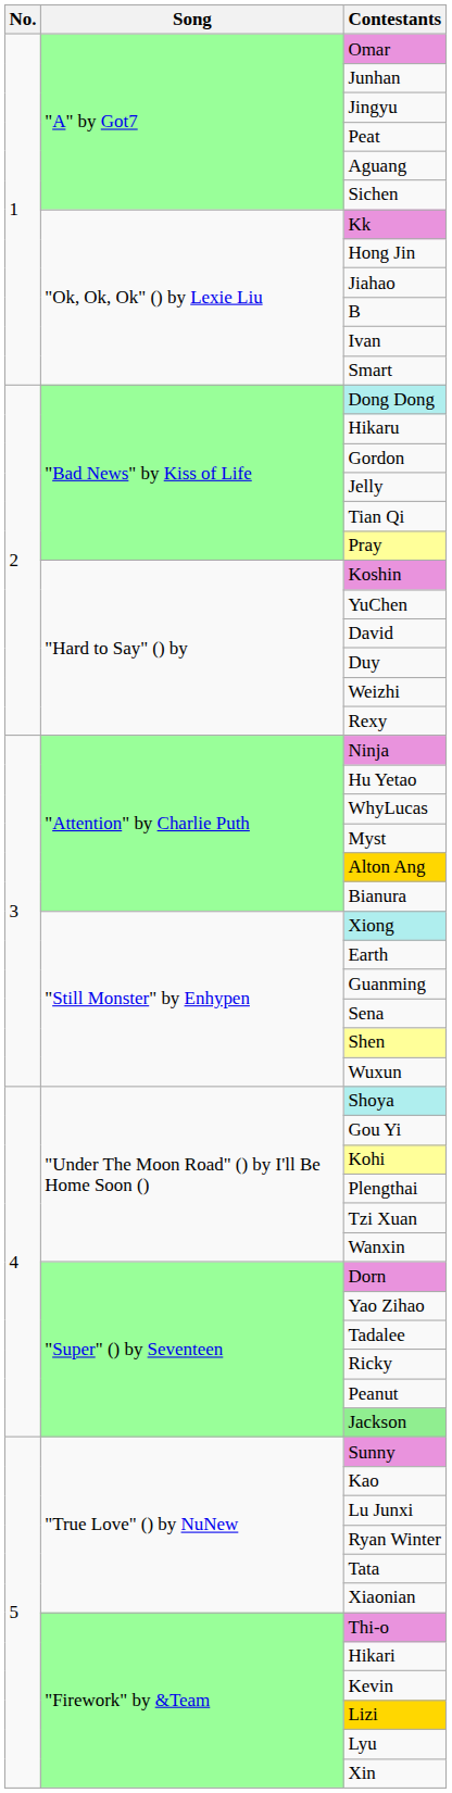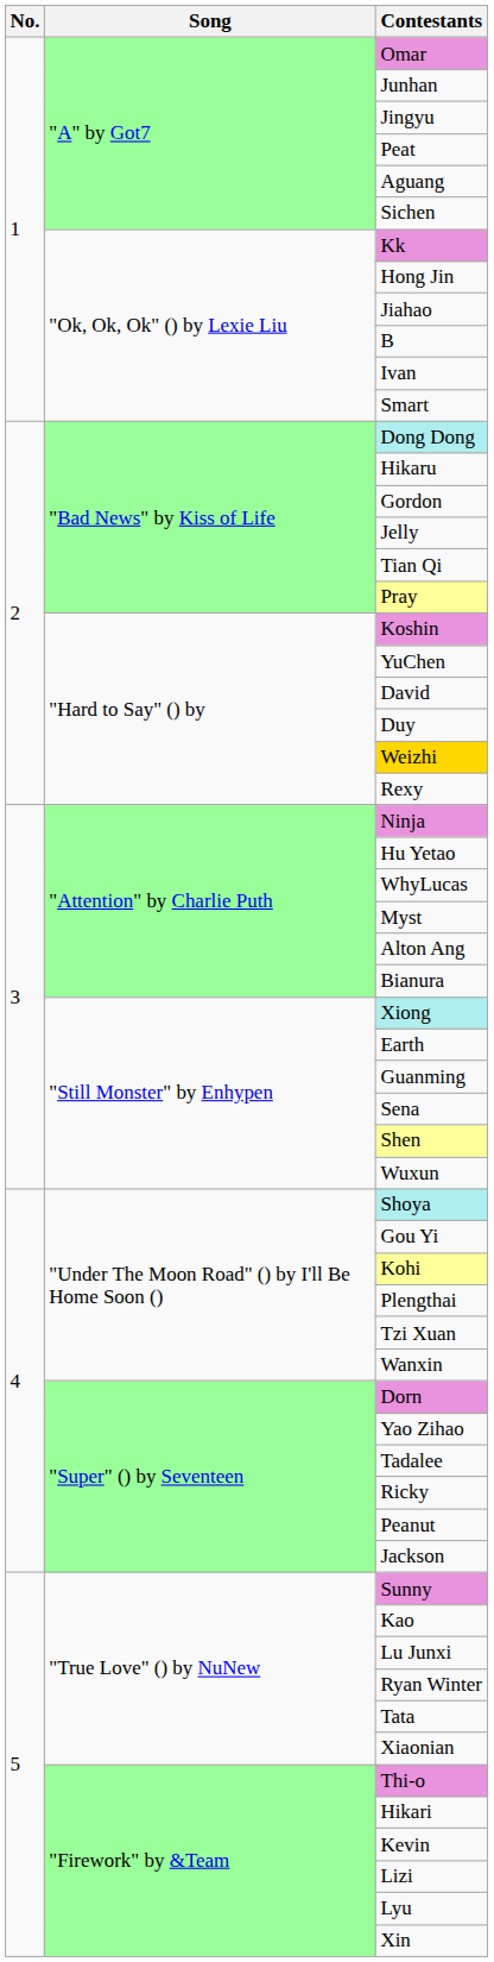 <table class="wikitable sortable">
 <tr>
 <th scope="row">No.</th>
 <th scope="row" style="width:16em">Song</th>
 <th scope="row">Contestants</th>
 </tr>
 <tr>
 <td rowspan="12">1</td>
 <td rowspan="6" style="background:#99FF99">"<a href='#'>A</a>" by <a href='#'>Got7</a></td>
 <td style="background:#E993DD">Omar</td>
 </tr>
 <tr>
 <td>Junhan</td>
 </tr>
 <tr>
 <td>Jingyu</td>
 </tr>
 <tr>
 <td>Peat</td>
 </tr>
 <tr>
 <td>Aguang</td>
 </tr>
 <tr>
 <td>Sichen</td>
 </tr>
 <tr>
 <td rowspan="6">"Ok, Ok, Ok" () by <a href='#'>Lexie Liu</a></td>
 <td style="background:#E993DD">Kk</td>
 </tr>
 <tr>
 <td>Hong Jin</td>
 </tr>
 <tr>
 <td>Jiahao</td>
 </tr>
 <tr>
 <td>B</td>
 </tr>
 <tr>
 <td>Ivan</td>
 </tr>
 <tr>
 <td>Smart</td>
 </tr>
 <tr>
 <td rowspan="12">2</td>
 <td rowspan="6" style="background:#99FF99">"<a href='#'>Bad News</a>" by <a href='#'>Kiss of Life</a></td>
 <td style="background:#AFEEEE">Dong Dong</td>
 </tr>
 <tr>
 <td>Hikaru</td>
 </tr>
 <tr>
 <td>Gordon</td>
 </tr>
 <tr>
 <td>Jelly</td>
 </tr>
 <tr>
 <td>Tian Qi</td>
 </tr>
 <tr>
 <td style="background:#FFFF99">Pray</td>
 </tr>
 <tr>
 <td rowspan="6">"Hard to Say" () by </td>
 <td style="background:#E993DD">Koshin</td>
 </tr>
 <tr>
 <td>YuChen</td>
 </tr>
 <tr>
 <td>David</td>
 </tr>
 <tr>
 <td>Duy</td>
 </tr>
 <tr>
-<td>Weizhi</td>
+<td style="background: gold;">Weizhi</td>
 </tr>
 <tr>
 <td>Rexy</td>
 </tr>
 <tr>
 <td rowspan="12">3</td>
 <td rowspan="6" style="background:#99FF99">"<a href='#'>Attention</a>" by <a href='#'>Charlie Puth</a></td>
 <td style="background:#E993DD">Ninja</td>
 </tr>
 <tr>
 <td>Hu Yetao</td>
 </tr>
 <tr>
 <td>WhyLucas</td>
 </tr>
 <tr>
 <td>Myst</td>
 </tr>
 <tr>
-<td style="background: gold;">Alton Ang</td>
+<td>Alton Ang</td>
 </tr>
 <tr>
 <td>Bianura</td>
 </tr>
 <tr>
 <td rowspan="6">"<a href='#'>Still Monster</a>" by <a href='#'>Enhypen</a></td>
 <td style="background:#AFEEEE">Xiong</td>
 </tr>
 <tr>
 <td>Earth</td>
 </tr>
 <tr>
 <td>Guanming</td>
 </tr>
 <tr>
 <td>Sena</td>
 </tr>
 <tr>
 <td style="background:#FFFF99">Shen</td>
 </tr>
 <tr>
 <td>Wuxun</td>
 </tr>
 <tr>
 <td rowspan="12">4</td>
 <td rowspan="6">"Under The Moon Road" () by I'll Be Home Soon ()</td>
 <td style="background:#AFEEEE">Shoya</td>
 </tr>
 <tr>
 <td>Gou Yi</td>
 </tr>
 <tr>
 <td style="background:#FFFF99">Kohi</td>
 </tr>
 <tr>
 <td>Plengthai</td>
 </tr>
 <tr>
 <td>Tzi Xuan</td>
 </tr>
 <tr>
 <td>Wanxin</td>
 </tr>
 <tr>
 <td rowspan="6" style="background:#99FF99">"<a href='#'>Super</a>" () by <a href='#'>Seventeen</a></td>
 <td style="background:#E993DD">Dorn</td>
 </tr>
 <tr>
 <td>Yao Zihao</td>
 </tr>
 <tr>
 <td>Tadalee</td>
 </tr>
 <tr>
 <td>Ricky</td>
 </tr>
 <tr>
 <td>Peanut</td>
 </tr>
 <tr>
-<td style="background: lightgreen;">Jackson</td>
+<td>Jackson</td>
 </tr>
 <tr>
 <td rowspan="12">5</td>
 <td rowspan="6">"True Love" () by <a href='#'>NuNew</a></td>
 <td style="background:#E993DD">Sunny</td>
 </tr>
 <tr>
 <td>Kao</td>
 </tr>
 <tr>
 <td>Lu Junxi</td>
 </tr>
 <tr>
 <td>Ryan Winter</td>
 </tr>
 <tr>
 <td>Tata</td>
 </tr>
 <tr>
 <td>Xiaonian</td>
 </tr>
 <tr>
 <td rowspan="6" style="background:#99FF99">"Firework" by <a href='#'>&Team</a></td>
 <td style="background:#E993DD">Thi-o</td>
 </tr>
 <tr>
 <td>Hikari</td>
 </tr>
 <tr>
 <td>Kevin</td>
 </tr>
 <tr>
-<td style="background: gold;">Lizi</td>
+<td>Lizi</td>
 </tr>
 <tr>
 <td>Lyu</td>
 </tr>
 <tr>
 <td>Xin</td>
 </tr>
 </table>
